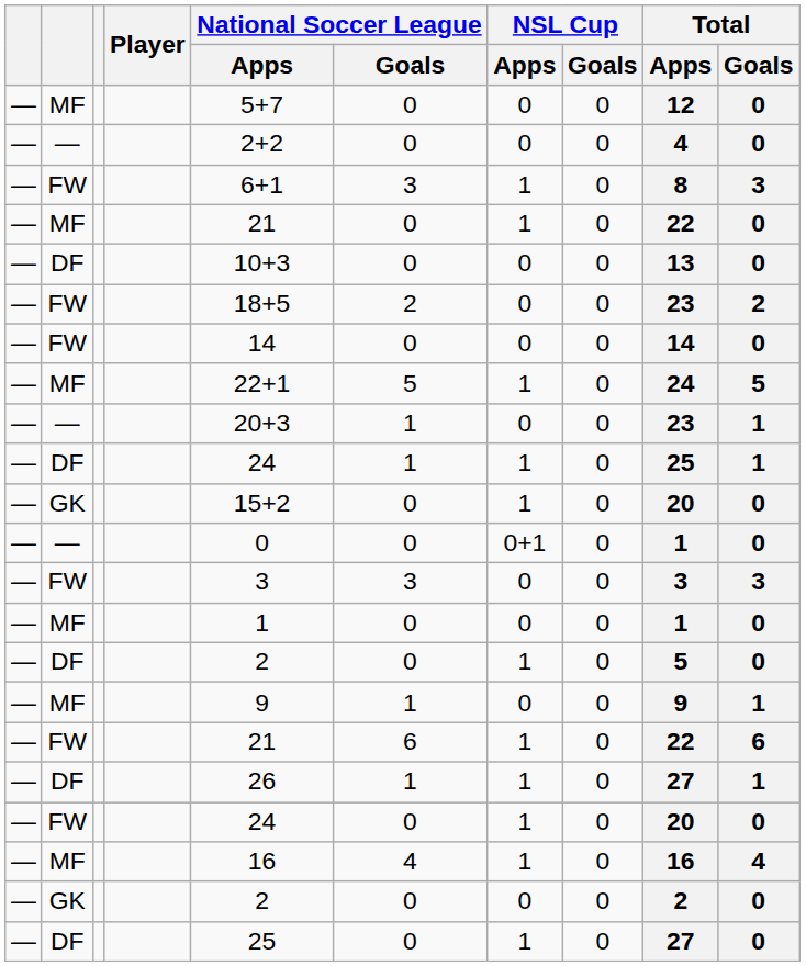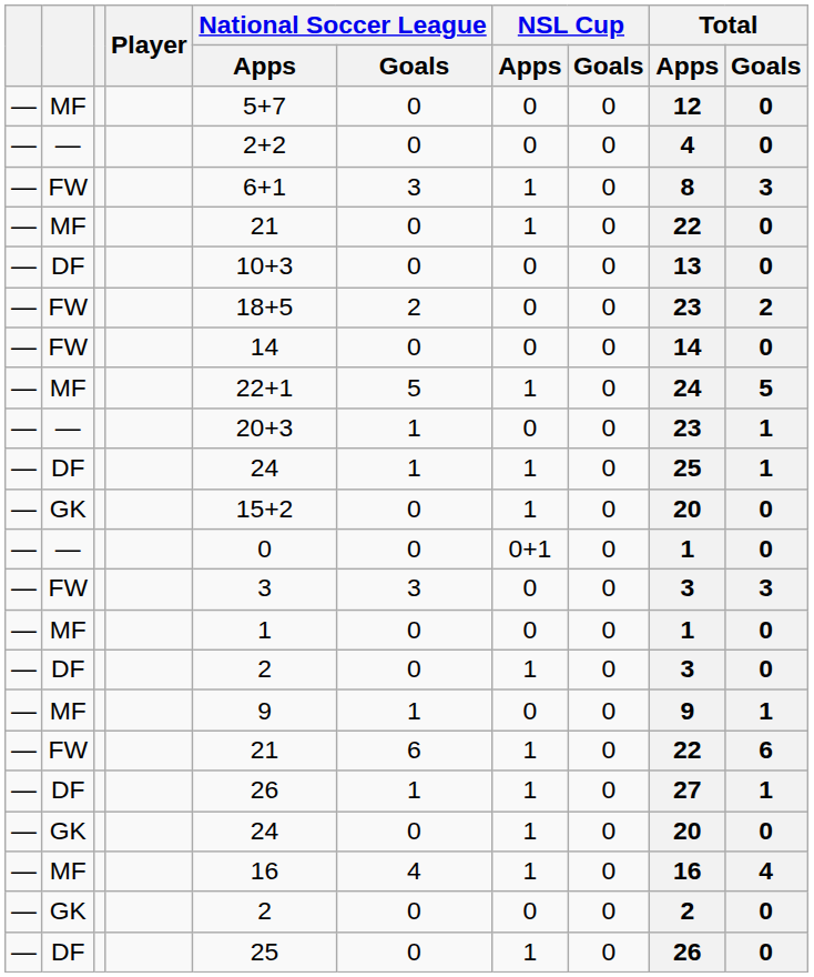 <table class="wikitable sortable" style="text-align:center">
 <tr>
 <th rowspan="2"></th>
 <th rowspan="2"></th>
 <th rowspan="2"></th>
 <th rowspan="2">Player</th>
 <th colspan="2"><a href='#'>National Soccer League</a></th>
 <th colspan="2"><a href='#'>NSL Cup</a></th>
 <th colspan="2">Total</th>
 </tr>
 <tr>
 <th>Apps</th>
 <th>Goals</th>
 <th>Apps</th>
 <th>Goals</th>
 <th>Apps</th>
 <th>Goals</th>
 </tr>
 <tr>
 <td>—</td>
 <td>MF</td>
 <td></td>
 <td align="left"><br></td>
 <td>5+7</td>
 <td>0<br></td>
 <td>0</td>
 <td>0<br></td>
 <th>12</th>
 <th>0</th>
 </tr>
 <tr>
 <td>—</td>
 <td>—</td>
 <td></td>
 <td align="left"><br></td>
 <td>2+2</td>
 <td>0<br></td>
 <td>0</td>
 <td>0<br></td>
 <th>4</th>
 <th>0</th>
 </tr>
 <tr>
 <td>—</td>
 <td>FW</td>
 <td></td>
 <td align="left"><br></td>
 <td>6+1</td>
 <td>3<br></td>
 <td>1</td>
 <td>0<br></td>
 <th>8</th>
 <th>3</th>
 </tr>
 <tr>
 <td>—</td>
 <td>MF</td>
 <td></td>
 <td align="left"><br></td>
 <td>21</td>
 <td>0<br></td>
 <td>1</td>
 <td>0<br></td>
 <th>22</th>
 <th>0</th>
 </tr>
 <tr>
 <td>—</td>
 <td>DF</td>
 <td></td>
 <td align="left"><br></td>
 <td>10+3</td>
 <td>0<br></td>
 <td>0</td>
 <td>0<br></td>
 <th>13</th>
 <th>0</th>
 </tr>
 <tr>
 <td>—</td>
 <td>FW</td>
 <td></td>
 <td align="left"><br></td>
 <td>18+5</td>
 <td>2<br></td>
 <td>0</td>
 <td>0<br></td>
 <th>23</th>
 <th>2</th>
 </tr>
 <tr>
 <td>—</td>
 <td>FW</td>
 <td></td>
 <td align="left"><br></td>
 <td>14</td>
 <td>0<br></td>
 <td>0</td>
 <td>0<br></td>
 <th>14</th>
 <th>0</th>
 </tr>
 <tr>
 <td>—</td>
 <td>MF</td>
 <td></td>
 <td align="left"><br></td>
 <td>22+1</td>
 <td>5<br></td>
 <td>1</td>
 <td>0<br></td>
 <th>24</th>
 <th>5</th>
 </tr>
 <tr>
 <td>—</td>
 <td>—</td>
 <td></td>
 <td align="left"><br></td>
 <td>20+3</td>
 <td>1<br></td>
 <td>0</td>
 <td>0<br></td>
 <th>23</th>
 <th>1</th>
 </tr>
 <tr>
 <td>—</td>
 <td>DF</td>
 <td></td>
 <td align="left"><br></td>
 <td>24</td>
 <td>1<br></td>
 <td>1</td>
 <td>0<br></td>
 <th>25</th>
 <th>1</th>
 </tr>
 <tr>
 <td>—</td>
 <td>GK</td>
 <td></td>
 <td align="left"><br></td>
 <td>15+2</td>
 <td>0<br></td>
 <td>1</td>
 <td>0<br></td>
 <th>20</th>
 <th>0</th>
 </tr>
 <tr>
 <td>—</td>
 <td>—</td>
 <td></td>
 <td align="left"><br></td>
 <td>0</td>
 <td>0<br></td>
 <td>0+1</td>
 <td>0<br></td>
 <th>1</th>
 <th>0</th>
 </tr>
 <tr>
 <td>—</td>
 <td>FW</td>
 <td></td>
 <td align="left"><br></td>
 <td>3</td>
 <td>3<br></td>
 <td>0</td>
 <td>0<br></td>
 <th>3</th>
 <th>3</th>
 </tr>
 <tr>
 <td>—</td>
 <td>MF</td>
 <td></td>
 <td align="left"><br></td>
 <td>1</td>
 <td>0<br></td>
 <td>0</td>
 <td>0<br></td>
 <th>1</th>
 <th>0</th>
 </tr>
 <tr>
 <td>—</td>
 <td>DF</td>
 <td></td>
 <td align="left"><br></td>
 <td>2</td>
 <td>0<br></td>
 <td>1</td>
 <td>0<br></td>
-<th>5</th>
+<th>3</th>
 <th>0</th>
 </tr>
 <tr>
 <td>—</td>
 <td>MF</td>
 <td></td>
 <td align="left"><br></td>
 <td>9</td>
 <td>1<br></td>
 <td>0</td>
 <td>0<br></td>
 <th>9</th>
 <th>1</th>
 </tr>
 <tr>
 <td>—</td>
 <td>FW</td>
 <td></td>
 <td align="left"><br></td>
 <td>21</td>
 <td>6<br></td>
 <td>1</td>
 <td>0<br></td>
 <th>22</th>
 <th>6</th>
 </tr>
 <tr>
 <td>—</td>
 <td>DF</td>
 <td></td>
 <td align="left"><br></td>
 <td>26</td>
 <td>1<br></td>
 <td>1</td>
 <td>0<br></td>
 <th>27</th>
 <th>1</th>
 </tr>
 <tr>
 <td>—</td>
-<td>FW</td>
+<td>GK</td>
 <td></td>
 <td align="left"><br></td>
 <td>24</td>
 <td>0<br></td>
 <td>1</td>
 <td>0<br></td>
 <th>20</th>
 <th>0</th>
 </tr>
 <tr>
 <td>—</td>
 <td>MF</td>
 <td></td>
 <td align="left"><br></td>
 <td>16</td>
 <td>4<br></td>
 <td>1</td>
 <td>0<br></td>
 <th>16</th>
 <th>4</th>
 </tr>
 <tr>
 <td>—</td>
 <td>GK</td>
 <td></td>
 <td align="left"><br></td>
 <td>2</td>
 <td>0<br></td>
 <td>0</td>
 <td>0<br></td>
 <th>2</th>
 <th>0</th>
 </tr>
 <tr>
 <td>—</td>
 <td>DF</td>
 <td></td>
 <td align="left"><br></td>
 <td>25</td>
 <td>0<br></td>
 <td>1</td>
 <td>0<br></td>
-<th>27</th>
+<th>26</th>
 <th>0</th>
 </tr>
 </table>
